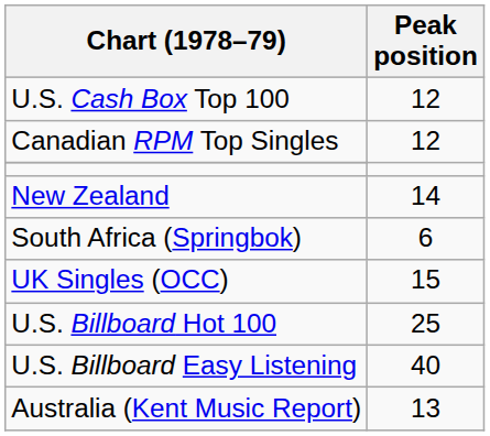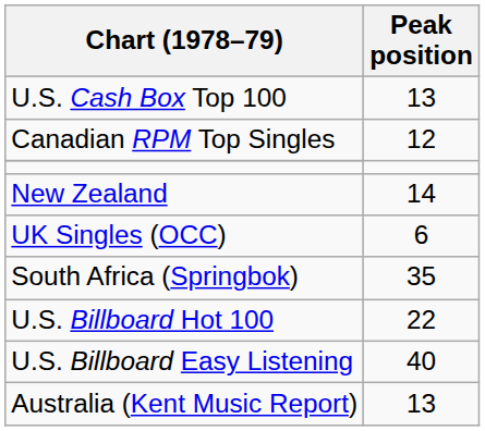 <table class="wikitable sortable">
 <tr>
 <th align="left">Chart (1978–79)</th>
 <th align="left">Peak<br>position</th>
 </tr>
 <tr>
 <td align="left">U.S. <em><a href='#'>Cash Box</a></em> Top 100</td>
-<td style="text-align:center;">12</td>
+<td style="text-align:center;">13</td>
 </tr>
 <tr>
 <td align="left">Canadian <em><a href='#'>RPM</a></em> Top Singles</td>
 <td style="text-align:center;">12</td>
 </tr>
 <tr>
 </tr>
 <tr>
 <td></td>
 </tr>
 <tr>
 <td align="left"><a href='#'>New Zealand</a></td>
 <td style="text-align:center;">14</td>
 </tr>
 <tr>
-<td>South Africa (<a href='#'>Springbok</a>)</td>
+<td align="left"><a href='#'>UK Singles</a> (<a href='#'>OCC</a>)</td>
 <td align="center">6</td>
 </tr>
 <tr>
-<td align="left"><a href='#'>UK Singles</a> (<a href='#'>OCC</a>)</td>
-<td style="text-align:center;">15</td>
+<td>South Africa (<a href='#'>Springbok</a>)</td>
+<td style="text-align:center;">35</td>
 </tr>
 <tr>
 <td align="left">U.S. <a href='#'><em>Billboard</em> Hot 100</a></td>
-<td style="text-align:center;">25</td>
+<td style="text-align:center;">22</td>
 </tr>
 <tr>
 <td align="left">U.S. <em>Billboard</em> <a href='#'>Easy Listening</a></td>
 <td style="text-align:center;">40</td>
 </tr>
 <tr>
 <td align="left">Australia (<a href='#'>Kent Music Report</a>)</td>
 <td style="text-align:center;">13</td>
 </tr>
 </table>
